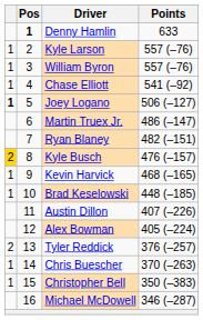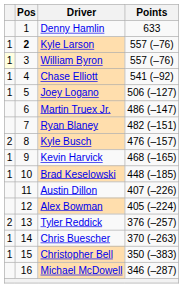 <table class="wikitable" style="font-size: 95%">
 <tr>
 <th></th>
 <th>Pos</th>
 <th>Driver</th>
 <th>Points</th>
 </tr>
 <tr>
 <td align="left"></td>
-<td style="text-align:center;"><strong>1</strong></td>
+<td style="text-align:center;">1</td>
 <td><a href='#'>Denny Hamlin</a></td>
 <td style="text-align:center;">633</td>
 </tr>
 <tr>
 <td align="left"> 1</td>
-<td style="text-align:center;">2</td>
+<td style="text-align:center;"><strong>2</strong></td>
 <td style="background:#FFDEAD;"><a href='#'>Kyle Larson</a></td>
 <td style="text-align:center;">557 (–76)</td>
 </tr>
 <tr>
-<td align="left"> 1</td>
+<td align="left" style="background: lightyellow;"> 1</td>
 <td style="text-align:center;">3</td>
 <td style="background:#FFDEAD;"><a href='#'>William Byron</a></td>
 <td style="text-align:center;">557 (–76)</td>
 </tr>
 <tr>
 <td align="left"> 1</td>
 <td style="text-align:center;">4</td>
 <td style="background:#FFDEAD;"><a href='#'>Chase Elliott</a></td>
 <td style="text-align:center;">541 (–92)</td>
 </tr>
 <tr>
-<td align="left"><strong> 1</strong></td>
+<td align="left"> 1</td>
 <td style="text-align:center;">5</td>
 <td style="background:#FFDEAD;"><a href='#'>Joey Logano</a></td>
 <td style="text-align:center;">506 (–127)</td>
 </tr>
 <tr>
 <td align="left"></td>
 <td style="text-align:center;">6</td>
 <td style="background:#FFDEAD;"><a href='#'>Martin Truex Jr.</a></td>
 <td style="text-align:center;">486 (–147)</td>
 </tr>
 <tr>
 <td align="left"></td>
 <td style="text-align:center;">7</td>
 <td style="background:#FFDEAD;"><a href='#'>Ryan Blaney</a></td>
 <td style="text-align:center;">482 (–151)</td>
 </tr>
 <tr>
-<td align="left" style="background: gold;"> 2</td>
+<td align="left"> 2</td>
 <td style="text-align:center;">8</td>
 <td style="background:#FFDEAD;"><a href='#'>Kyle Busch</a></td>
 <td style="text-align:center;">476 (–157)</td>
 </tr>
 <tr>
 <td align="left"> 1</td>
 <td style="text-align:center;">9</td>
 <td><a href='#'>Kevin Harvick</a></td>
 <td style="text-align:center;">468 (–165)</td>
 </tr>
 <tr>
 <td align="left"> 1</td>
 <td style="text-align:center;">10</td>
 <td style="background:#FFDEAD;"><a href='#'>Brad Keselowski</a></td>
 <td style="text-align:center;">448 (–185)</td>
 </tr>
 <tr>
 <td align="left"></td>
 <td style="text-align:center;">11</td>
 <td><a href='#'>Austin Dillon</a></td>
 <td style="text-align:center;">407 (–226)</td>
 </tr>
 <tr>
 <td align="left"></td>
 <td style="text-align:center;">12</td>
 <td style="background:#FFDEAD;"><a href='#'>Alex Bowman</a></td>
 <td style="text-align:center;">405 (–224)</td>
 </tr>
 <tr>
 <td align="left"> 2</td>
 <td style="text-align:center;">13</td>
 <td><a href='#'>Tyler Reddick</a></td>
 <td style="text-align:center;">376 (–257)</td>
 </tr>
 <tr>
 <td align="left"> 1</td>
 <td style="text-align:center;">14</td>
 <td><a href='#'>Chris Buescher</a></td>
 <td style="text-align:center;">370 (–263)</td>
 </tr>
 <tr>
 <td align="left"> 1</td>
 <td style="text-align:center;">15</td>
 <td style="background:#FFDEAD;"><a href='#'>Christopher Bell</a></td>
 <td style="text-align:center;">350 (–383)</td>
 </tr>
 <tr>
 <td align="left"></td>
 <td style="text-align:center;">16</td>
 <td style="background:#FFDEAD;"><a href='#'>Michael McDowell</a></td>
 <td style="text-align:center;">346 (–287)</td>
 </tr>
 <tr class="sortbottom">
 <th colspan="9"></th>
 </tr>
 </table>
